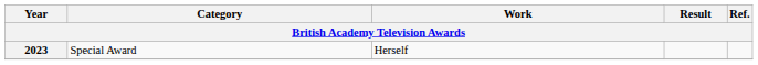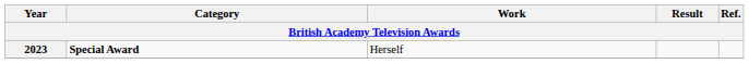 <table class=wikitable>
 <tr>
 <th scope="col" style="width:5em;">Year</th>
 <th scope="col" style="width:26em;">Category</th>
 <th scope="col" style="width:25em;">Work</th>
 <th scope="col" style="width:5em;">Result</th>
 <th>Ref.</th>
 </tr>
 <tr>
 <th colspan=5><a href='#'>British Academy Television Awards</a></th>
 </tr>
 <tr>
 <th scope="row", rowspan="1" scope="row">2023</th>
-<td>Special Award</td>
+<td><strong>Special Award</strong></td>
 <td rowspan="1">Herself</td>
 <td></td>
 <td rowspan="1"></td>
 </tr>
 <tr>
 </tr>
 </table>
